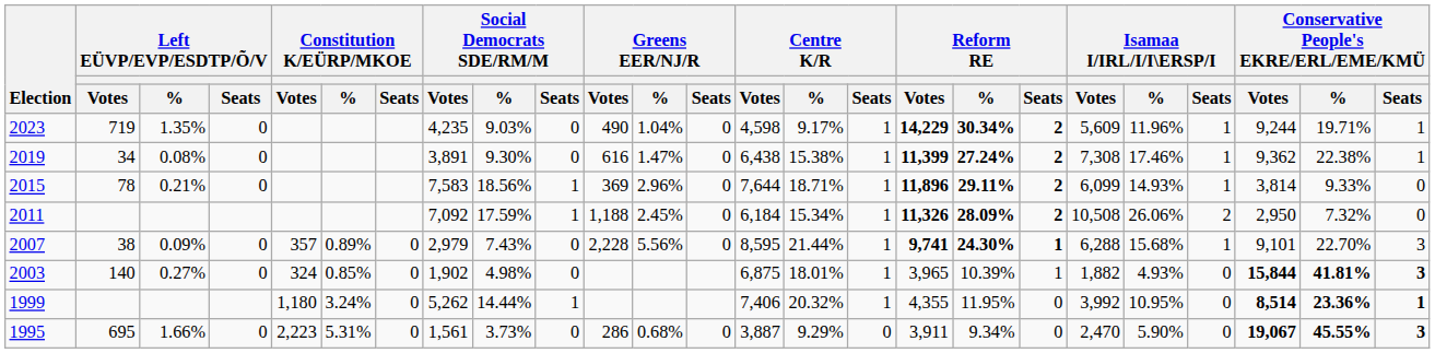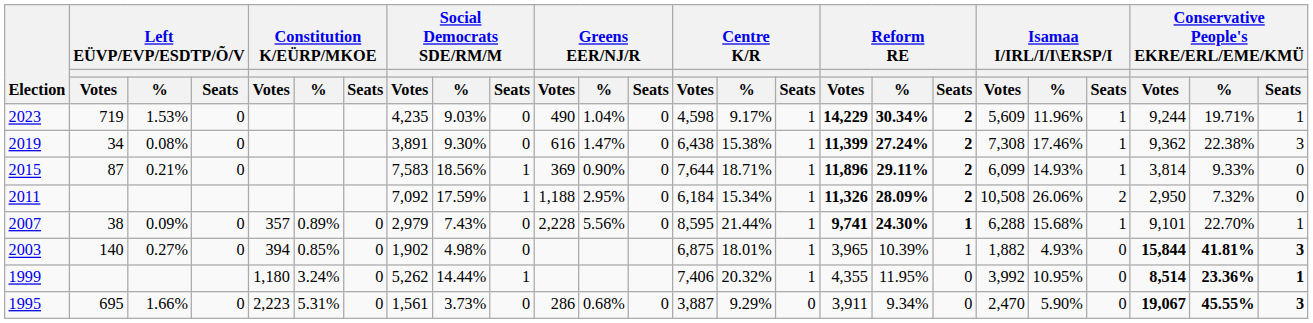 <table class="wikitable" border="1" style="font-size:80%; text-align:right;">
 <tr>
 <th style="text-align:left;" valign=bottom rowspan=3>Election</th>
 <th valign=bottom colspan=3><a href='#'>Left</a><br>EÜVP/EVP/ESDTP/Õ/V</th>
 <th valign=bottom colspan=3><a href='#'>Constitution</a><br>K/EÜRP/MKOE</th>
 <th valign=bottom colspan=3><a href='#'>Social<br>Democrats</a><br>SDE/RM/M</th>
 <th valign=bottom colspan=3><a href='#'>Greens</a><br>EER/NJ/R</th>
 <th valign=bottom colspan=3><a href='#'>Centre</a><br>K/R</th>
 <th valign=bottom colspan=3><a href='#'>Reform</a><br>RE</th>
 <th valign=bottom colspan=3><a href='#'>Isamaa</a><br>I/IRL/I/I\ERSP/I</th>
 <th valign=bottom colspan=3><a href='#'>Conservative<br>People's</a><br>EKRE/ERL/EME/KMÜ</th>
 </tr>
 <tr>
 <th colspan=3 style="background:"></th>
 <th colspan=3 style="background:"></th>
 <th colspan=3 style="background:"></th>
 <th colspan=3 style="background:"></th>
 <th colspan=3 style="background:"></th>
 <th colspan=3 style="background:"></th>
 <th colspan=3 style="background:"></th>
 <th colspan=3 style="background:"></th>
 </tr>
 <tr>
 <th>Votes</th>
 <th>%</th>
 <th>Seats</th>
 <th>Votes</th>
 <th>%</th>
 <th>Seats</th>
 <th>Votes</th>
 <th>%</th>
 <th>Seats</th>
 <th>Votes</th>
 <th>%</th>
 <th>Seats</th>
 <th>Votes</th>
 <th>%</th>
 <th>Seats</th>
 <th>Votes</th>
 <th>%</th>
 <th>Seats</th>
 <th>Votes</th>
 <th>%</th>
 <th>Seats</th>
 <th>Votes</th>
 <th>%</th>
 <th>Seats</th>
 </tr>
 <tr>
 <td align=left><a href='#'>2023</a></td>
 <td>719</td>
-<td>1.35%</td>
+<td>1.53%</td>
 <td>0</td>
 <td></td>
 <td></td>
 <td></td>
 <td>4,235</td>
 <td>9.03%</td>
 <td>0</td>
 <td>490</td>
 <td>1.04%</td>
 <td>0</td>
 <td>4,598</td>
 <td>9.17%</td>
 <td>1</td>
 <td><strong>14,229</strong></td>
 <td><strong>30.34%</strong></td>
 <td><strong>2</strong></td>
 <td>5,609</td>
 <td>11.96%</td>
 <td>1</td>
 <td>9,244</td>
 <td>19.71%</td>
 <td>1</td>
 </tr>
 <tr>
 <td align=left><a href='#'>2019</a></td>
 <td>34</td>
 <td>0.08%</td>
 <td>0</td>
 <td></td>
 <td></td>
 <td></td>
 <td>3,891</td>
 <td>9.30%</td>
 <td>0</td>
 <td>616</td>
 <td>1.47%</td>
 <td>0</td>
 <td>6,438</td>
 <td>15.38%</td>
 <td>1</td>
 <td><strong>11,399</strong></td>
 <td><strong>27.24%</strong></td>
 <td><strong>2</strong></td>
 <td>7,308</td>
 <td>17.46%</td>
 <td>1</td>
 <td>9,362</td>
 <td>22.38%</td>
-<td>1</td>
+<td>3</td>
 </tr>
 <tr>
 <td align=left><a href='#'>2015</a></td>
-<td>78</td>
+<td>87</td>
 <td>0.21%</td>
 <td>0</td>
 <td></td>
 <td></td>
 <td></td>
 <td>7,583</td>
 <td>18.56%</td>
 <td>1</td>
 <td>369</td>
-<td>2.96%</td>
+<td>0.90%</td>
 <td>0</td>
 <td>7,644</td>
 <td>18.71%</td>
 <td>1</td>
 <td><strong>11,896</strong></td>
 <td><strong>29.11%</strong></td>
 <td><strong>2</strong></td>
 <td>6,099</td>
 <td>14.93%</td>
 <td>1</td>
 <td>3,814</td>
 <td>9.33%</td>
 <td>0</td>
 </tr>
 <tr>
 <td align=left><a href='#'>2011</a></td>
 <td></td>
 <td></td>
 <td></td>
 <td></td>
 <td></td>
 <td></td>
 <td>7,092</td>
 <td>17.59%</td>
 <td>1</td>
 <td>1,188</td>
-<td>2.45%</td>
+<td>2.95%</td>
 <td>0</td>
 <td>6,184</td>
 <td>15.34%</td>
 <td>1</td>
 <td><strong>11,326</strong></td>
 <td><strong>28.09%</strong></td>
 <td><strong>2</strong></td>
 <td>10,508</td>
 <td>26.06%</td>
 <td>2</td>
 <td>2,950</td>
 <td>7.32%</td>
 <td>0</td>
 </tr>
 <tr>
 <td align=left><a href='#'>2007</a></td>
 <td>38</td>
 <td>0.09%</td>
 <td>0</td>
 <td>357</td>
 <td>0.89%</td>
 <td>0</td>
 <td>2,979</td>
 <td>7.43%</td>
 <td>0</td>
 <td>2,228</td>
 <td>5.56%</td>
 <td>0</td>
 <td>8,595</td>
 <td>21.44%</td>
 <td>1</td>
 <td><strong>9,741</strong></td>
 <td><strong>24.30%</strong></td>
 <td><strong>1</strong></td>
 <td>6,288</td>
 <td>15.68%</td>
 <td>1</td>
 <td>9,101</td>
 <td>22.70%</td>
-<td>3</td>
+<td>1</td>
 </tr>
 <tr>
 <td align=left><a href='#'>2003</a></td>
 <td>140</td>
 <td>0.27%</td>
 <td>0</td>
-<td>324</td>
+<td>394</td>
 <td>0.85%</td>
 <td>0</td>
 <td>1,902</td>
 <td>4.98%</td>
 <td>0</td>
 <td></td>
 <td></td>
 <td></td>
 <td>6,875</td>
 <td>18.01%</td>
 <td>1</td>
 <td>3,965</td>
 <td>10.39%</td>
 <td>1</td>
 <td>1,882</td>
 <td>4.93%</td>
 <td>0</td>
 <td><strong>15,844</strong></td>
 <td><strong>41.81%</strong></td>
 <td><strong>3</strong></td>
 </tr>
 <tr>
 <td align=left><a href='#'>1999</a></td>
 <td></td>
 <td></td>
 <td></td>
 <td>1,180</td>
 <td>3.24%</td>
 <td>0</td>
 <td>5,262</td>
 <td>14.44%</td>
 <td>1</td>
 <td></td>
 <td></td>
 <td></td>
 <td>7,406</td>
 <td>20.32%</td>
 <td>1</td>
 <td>4,355</td>
 <td>11.95%</td>
 <td>0</td>
 <td>3,992</td>
 <td>10.95%</td>
 <td>0</td>
 <td><strong>8,514</strong></td>
 <td><strong>23.36%</strong></td>
 <td><strong>1</strong></td>
 </tr>
 <tr>
 <td align=left><a href='#'>1995</a></td>
 <td>695</td>
 <td>1.66%</td>
 <td>0</td>
 <td>2,223</td>
 <td>5.31%</td>
 <td>0</td>
 <td>1,561</td>
 <td>3.73%</td>
 <td>0</td>
 <td>286</td>
 <td>0.68%</td>
 <td>0</td>
 <td>3,887</td>
 <td>9.29%</td>
 <td>0</td>
 <td>3,911</td>
 <td>9.34%</td>
 <td>0</td>
 <td>2,470</td>
 <td>5.90%</td>
 <td>0</td>
 <td><strong>19,067</strong></td>
 <td><strong>45.55%</strong></td>
 <td><strong>3</strong></td>
 </tr>
 </table>
